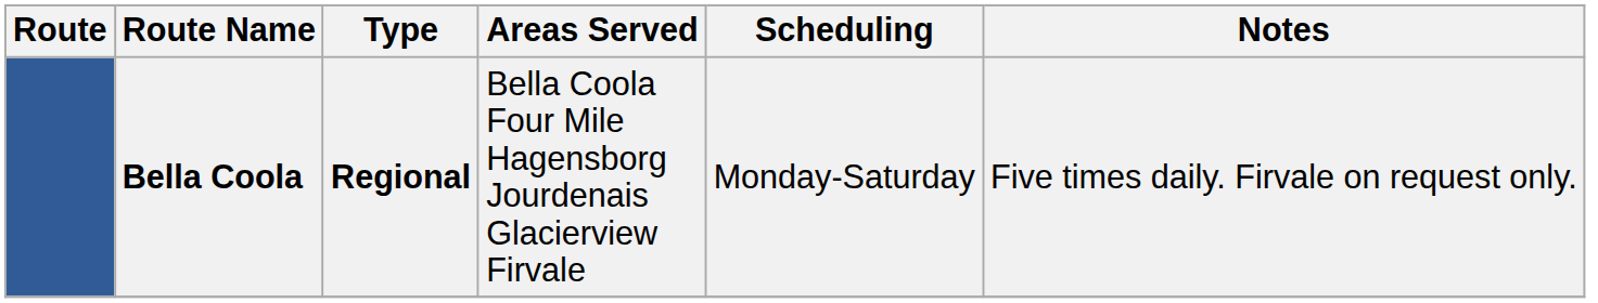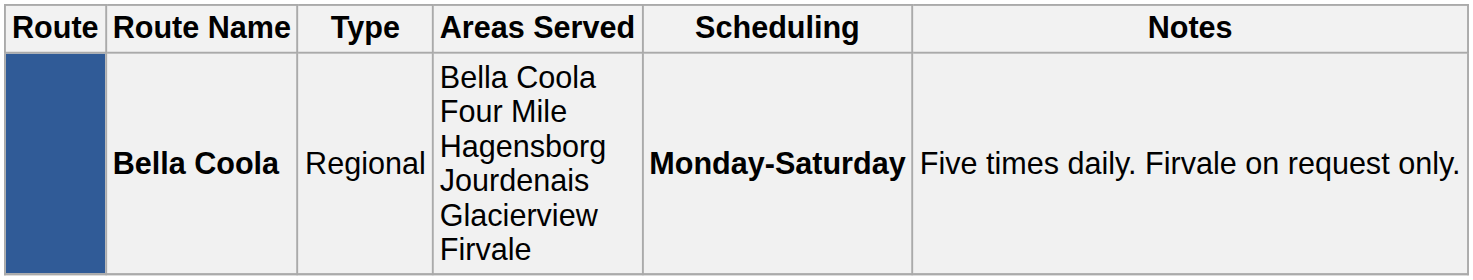 <table class="wikitable">
 <tr>
 <th>Route</th>
 <th>Route Name</th>
 <th>Type</th>
 <th>Areas Served</th>
 <th>Scheduling</th>
 <th>Notes</th>
 </tr>
 <tr>
 <td style="background-color: #305B97"></td>
 <td style="background-color: #F1F1F1"><strong>Bella Coola</strong></td>
-<td style="background-color: #F1F1F1"><strong>Regional</strong></td>
+<td style="background-color: #F1F1F1">Regional</td>
 <td style="background-color: #F1F1F1">Bella Coola<br>Four Mile<br>Hagensborg<br>Jourdenais<br>Glacierview<br>Firvale</td>
-<td style="background-color: #F1F1F1">Monday-Saturday</td>
+<td style="background-color: #F1F1F1"><strong>Monday-Saturday</strong></td>
 <td style="background-color: #F1F1F1">Five times daily. Firvale on request only.</td>
 </tr>
 <tr>
 </tr>
 </table>
